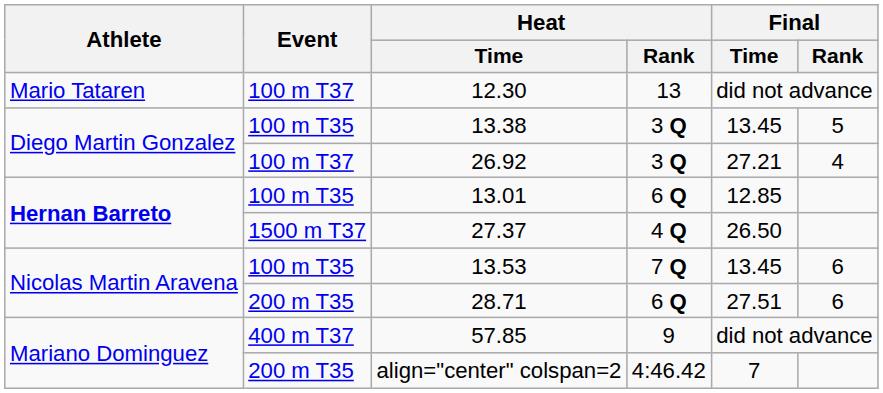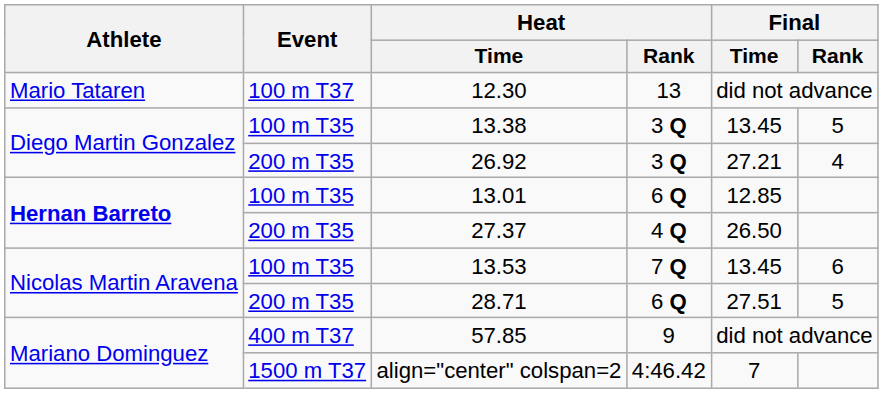 <table class=wikitable style="font-size:90%">
 <tr>
 <th rowspan="2">Athlete</th>
 <th rowspan="2">Event</th>
 <th colspan="2">Heat</th>
 <th colspan="2">Final</th>
 </tr>
 <tr style="font-size:95%">
 <th>Time</th>
 <th>Rank</th>
 <th>Time</th>
 <th>Rank</th>
 </tr>
 <tr>
 <td><a href='#'>Mario Tataren</a></td>
 <td><a href='#'>100 m T37</a></td>
 <td align="center">12.30</td>
 <td align="center">13</td>
 <td align="center" colspan=2>did not advance</td>
 </tr>
 <tr>
 <td rowspan="2"><a href='#'>Diego Martin Gonzalez</a></td>
 <td><a href='#'>100 m T35</a></td>
 <td align="center">13.38</td>
 <td align="center">3 <strong>Q</strong></td>
 <td align="center">13.45</td>
 <td align="center">5</td>
 </tr>
 <tr>
-<td><a href='#'>100 m T37</a></td>
+<td><a href='#'>200 m T35</a></td>
 <td align="center">26.92</td>
 <td align="center">3 <strong>Q</strong></td>
 <td align="center">27.21</td>
 <td align="center">4</td>
 </tr>
 <tr>
 <td rowspan="2"><strong><a href='#'>Hernan Barreto</a></strong></td>
 <td><a href='#'>100 m T35</a></td>
 <td align="center">13.01</td>
 <td align="center">6 <strong>Q</strong></td>
 <td align="center">12.85</td>
 <td align="center"></td>
 </tr>
 <tr>
-<td><a href='#'>1500 m T37</a></td>
+<td><a href='#'>200 m T35</a></td>
 <td align="center">27.37</td>
 <td align="center">4 <strong>Q</strong></td>
 <td align="center">26.50</td>
 <td align="center"></td>
 </tr>
 <tr>
 <td rowspan="2"><a href='#'>Nicolas Martin Aravena</a></td>
 <td><a href='#'>100 m T35</a></td>
 <td align="center">13.53</td>
 <td align="center">7 <strong>Q</strong></td>
 <td align="center">13.45</td>
 <td align="center">6</td>
 </tr>
 <tr>
 <td><a href='#'>200 m T35</a></td>
 <td align="center">28.71</td>
 <td align="center">6 <strong>Q</strong></td>
 <td align="center">27.51</td>
-<td align="center">6</td>
+<td align="center">5</td>
 </tr>
 <tr>
 <td rowspan="2"><a href='#'>Mariano Dominguez</a></td>
 <td><a href='#'>400 m T37</a></td>
 <td align="center">57.85</td>
 <td align="center">9</td>
 <td align="center" colspan=2>did not advance</td>
 </tr>
 <tr>
-<td><a href='#'>200 m T35</a></td>
+<td><a href='#'>1500 m T37</a></td>
 <td>align="center" colspan=2 </td>
 <td align="center">4:46.42</td>
 <td align="center">7</td>
 </tr>
 </table>
